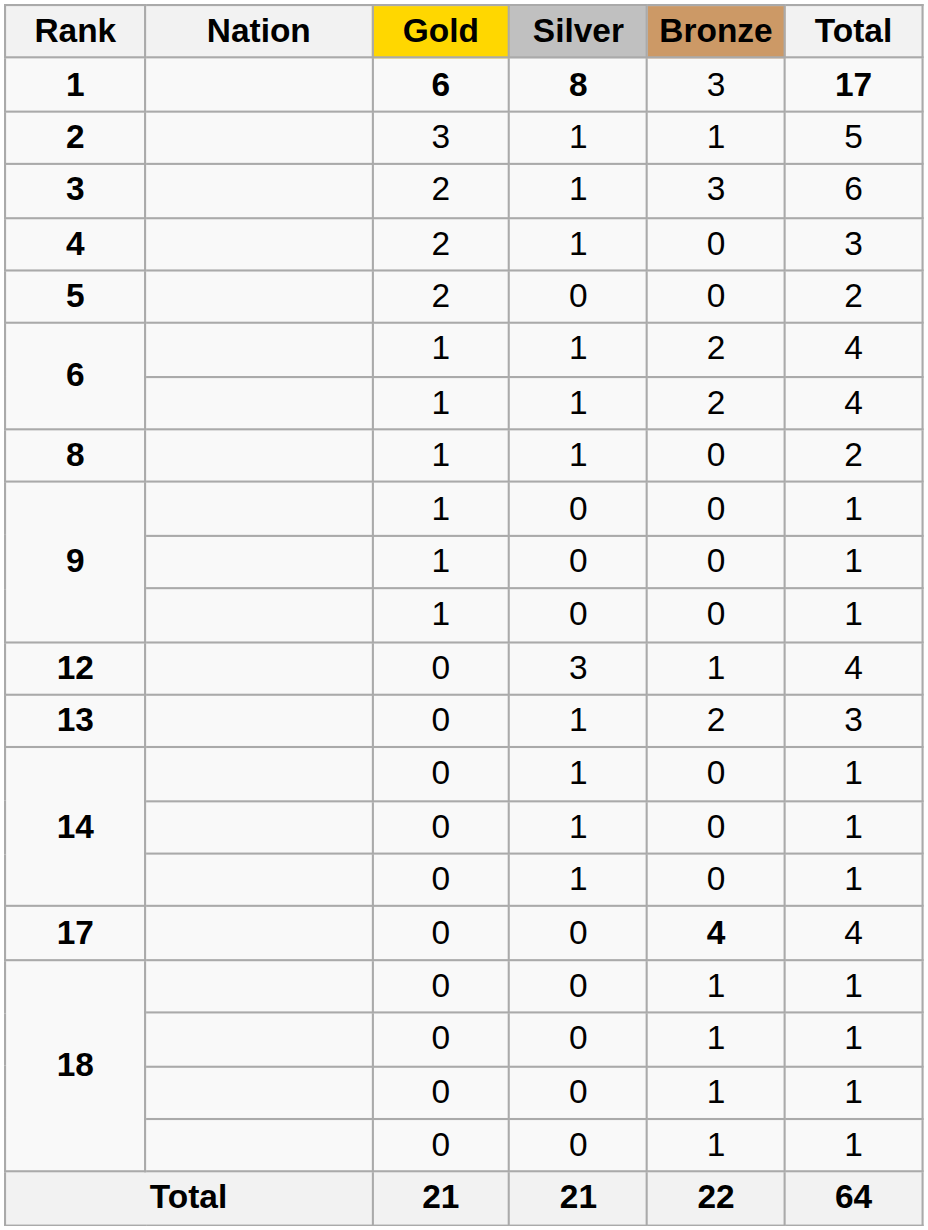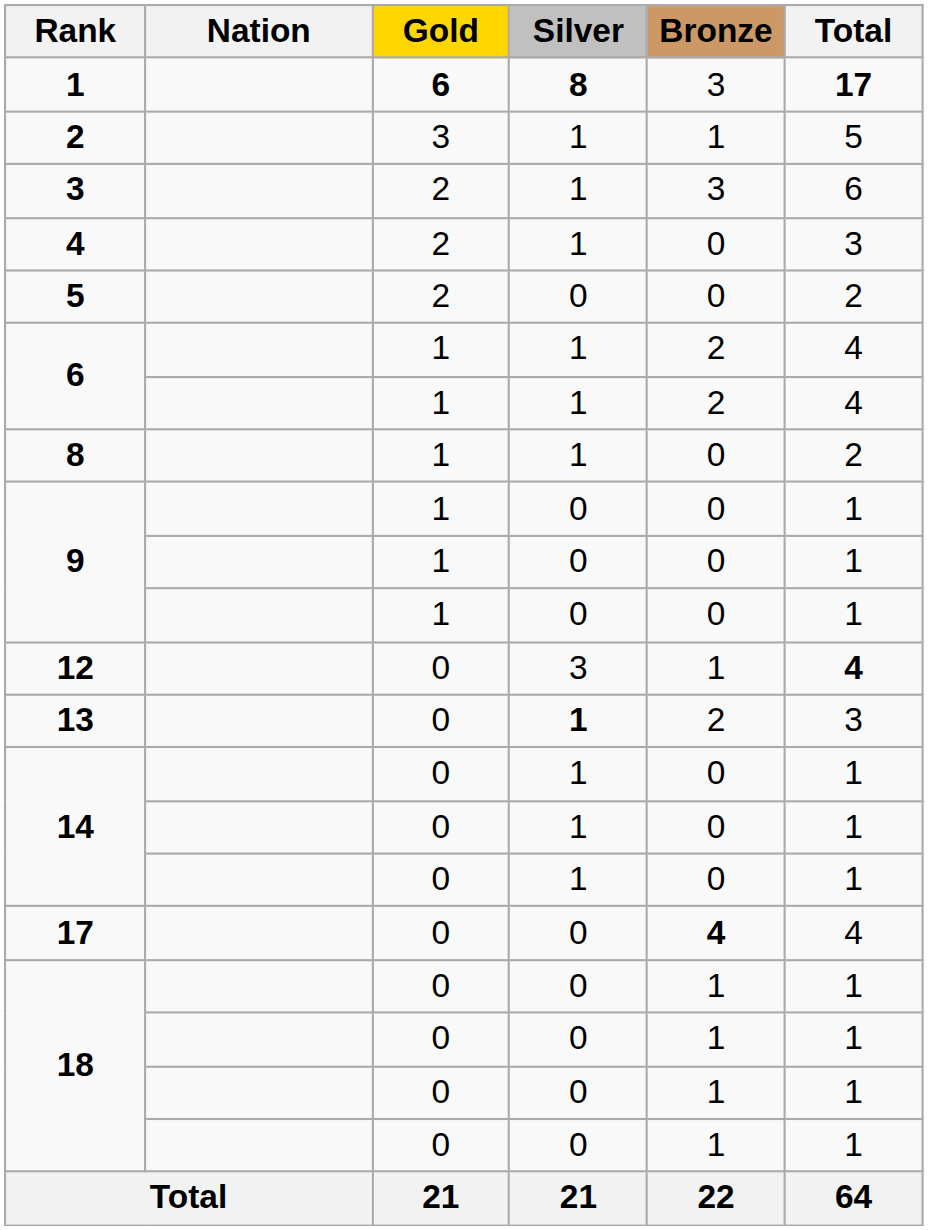 <table class="wikitable collapsible autocollapse plainrowheaders" width=70.5% style="text-align:center;">
 <tr style="background-color:#EDEDED;">
 <th width=100px class="hintergrundfarbe5">Rank</th>
 <th width=200px class="hintergrundfarbe6">Nation</th>
 <th style="background:    gold; width:15%">Gold</th>
 <th style="background:  silver; width:15%">Silver</th>
 <th style="background: #CC9966; width:15%">Bronze</th>
 <th class="hintergrundfarbe6" style="width:15%">Total</th>
 </tr>
 <tr>
 <td><strong>1</strong></td>
 <td align=left></td>
 <td><strong>6</strong></td>
 <td><strong>8</strong></td>
 <td>3</td>
 <td><strong>17</strong></td>
 </tr>
 <tr>
 <td><strong>2</strong></td>
 <td align=left></td>
 <td>3</td>
 <td>1</td>
 <td>1</td>
 <td>5</td>
 </tr>
 <tr>
 <td><strong>3</strong></td>
 <td align=left></td>
 <td>2</td>
 <td>1</td>
 <td>3</td>
 <td>6</td>
 </tr>
 <tr>
 <td><strong>4</strong></td>
 <td align=left></td>
 <td>2</td>
 <td>1</td>
 <td>0</td>
 <td>3</td>
 </tr>
 <tr>
 <td><strong>5</strong></td>
 <td align=left><em></em></td>
 <td>2</td>
 <td>0</td>
 <td>0</td>
 <td>2</td>
 </tr>
 <tr>
 <td rowspan=2><strong>6</strong></td>
 <td align=left></td>
 <td>1</td>
 <td>1</td>
 <td>2</td>
 <td>4</td>
 </tr>
 <tr>
 <td align=left></td>
 <td>1</td>
 <td>1</td>
 <td>2</td>
 <td>4</td>
 </tr>
 <tr>
 <td><strong>8</strong></td>
 <td align=left></td>
 <td>1</td>
 <td>1</td>
 <td>0</td>
 <td>2</td>
 </tr>
 <tr>
 <td rowspan=3><strong>9</strong></td>
 <td align=left></td>
 <td>1</td>
 <td>0</td>
 <td>0</td>
 <td>1</td>
 </tr>
 <tr>
 <td align=left></td>
 <td>1</td>
 <td>0</td>
 <td>0</td>
 <td>1</td>
 </tr>
 <tr>
 <td align=left></td>
 <td>1</td>
 <td>0</td>
 <td>0</td>
 <td>1</td>
 </tr>
 <tr>
 <td><strong>12</strong></td>
 <td align=left></td>
 <td>0</td>
 <td>3</td>
 <td>1</td>
-<td>4</td>
+<td><strong>4</strong></td>
 </tr>
 <tr>
 <td><strong>13</strong></td>
 <td align=left><em></em></td>
 <td>0</td>
-<td>1</td>
+<td><strong>1</strong></td>
 <td>2</td>
 <td>3</td>
 </tr>
 <tr>
 <td rowspan=3><strong>14</strong></td>
 <td align=left></td>
 <td>0</td>
 <td>1</td>
 <td>0</td>
 <td>1</td>
 </tr>
 <tr>
 <td align=left></td>
 <td>0</td>
 <td>1</td>
 <td>0</td>
 <td>1</td>
 </tr>
 <tr>
 <td align=left></td>
 <td>0</td>
 <td>1</td>
 <td>0</td>
 <td>1</td>
 </tr>
 <tr>
 <td><strong>17</strong></td>
 <td align=left></td>
 <td>0</td>
 <td>0</td>
 <td><strong>4</strong></td>
 <td>4</td>
 </tr>
 <tr>
 <td rowspan=4><strong>18</strong></td>
 <td align=left></td>
 <td>0</td>
 <td>0</td>
 <td>1</td>
 <td>1</td>
 </tr>
 <tr>
 <td align=left></td>
 <td>0</td>
 <td>0</td>
 <td>1</td>
 <td>1</td>
 </tr>
 <tr>
 <td align=left></td>
 <td>0</td>
 <td>0</td>
 <td>1</td>
 <td>1</td>
 </tr>
 <tr>
 <td align=left><em></em></td>
 <td>0</td>
 <td>0</td>
 <td>1</td>
 <td>1</td>
 </tr>
 <tr>
 <th colspan=2>Total</th>
 <th>21</th>
 <th>21</th>
 <th>22</th>
 <th>64</th>
 </tr>
 </table>
